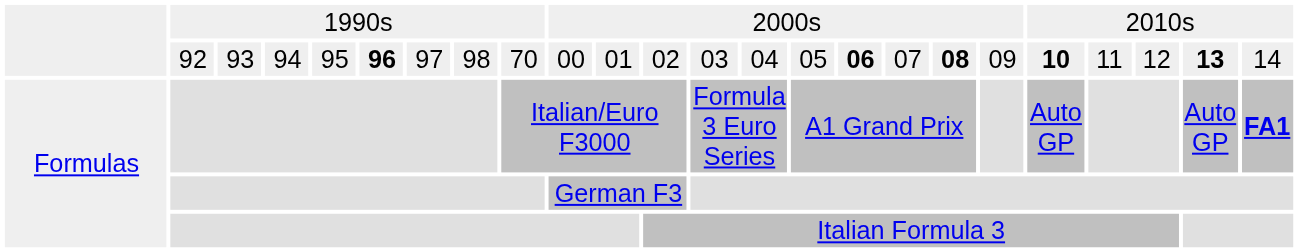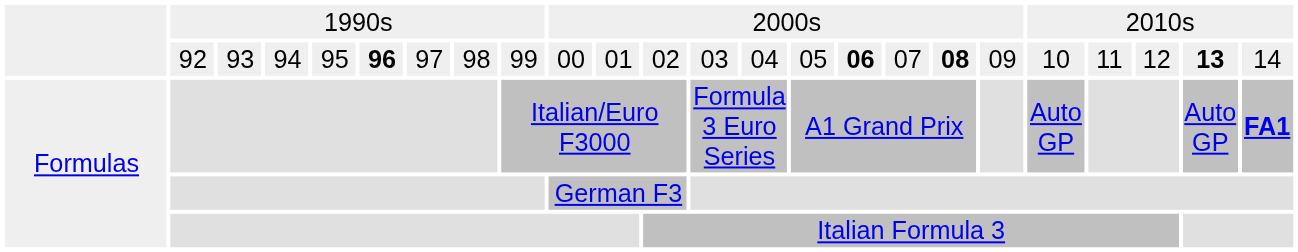 <table style="margin: 0.5em auto; clear: both; font-size:80%;" class="toccolours">
 <tr>
 <td align=center rowspan=2 width=80 style="background:#EFEFEF;"></td>
 <td align=center colspan=8 style="background:#EFEFEF;">1990s</td>
 <td align=center colspan=10 style="background:#EFEFEF;">2000s</td>
 <td align=center colspan=5 style="background:#EFEFEF;">2010s</td>
 </tr>
 <tr align=center style="background:#EFEFEF;">
 <td width=20>92</td>
 <td width=20>93</td>
 <td width=20>94</td>
 <td width=20>95</td>
 <td width=20><strong>96</strong></td>
 <td width=20>97</td>
 <td width=20>98</td>
-<td width=20>70</td>
+<td width=20>99</td>
 <td width=20>00</td>
 <td width=20>01</td>
 <td width=20>02</td>
 <td width=20>03</td>
 <td width=20>04</td>
 <td width=20>05</td>
 <td width=20><strong>06</strong></td>
 <td width=20>07</td>
 <td width=20><strong>08</strong></td>
 <td width=20>09</td>
-<td width=20><strong>10</strong></td>
+<td width=20>10</td>
 <td width=20>11</td>
 <td width=20>12</td>
 <td width=20><strong>13</strong></td>
 <td width=20>14</td>
 </tr>
 <tr align=center>
 <td style="background:#EFEFEF;" rowspan=3><a href='#'>Formulas</a></td>
 <td colspan= 7 style="background:#E0E0E0;"></td>
 <td colspan= 4 style="background:#C0C0C0;"><a href='#'>Italian/Euro F3000</a></td>
 <td colspan= 2 style="background:#C0C0C0;"><a href='#'>Formula 3 Euro Series</a></td>
 <td colspan= 4 style="background:#C0C0C0;"><a href='#'>A1 Grand Prix</a></td>
 <td style="background:#E0E0E0;"></td>
 <td style="background:#C0C0C0;"><a href='#'>Auto GP</a></td>
 <td colspan= 2 style="background:#E0E0E0;"></td>
 <td style="background:#C0C0C0;"><a href='#'>Auto GP</a></td>
 <td style="background:#C0C0C0;"><strong><a href='#'>FA1</a></strong></td>
 </tr>
 <tr align=center>
 <td colspan= 8 style="background:#E0E0E0;"></td>
 <td colspan= 3 style="background:#C0C0C0;"><a href='#'>German F3</a></td>
 <td colspan= 12 style="background:#E0E0E0;"></td>
 </tr>
 <tr align=center>
 <td colspan=10 style="background:#E0E0E0;"></td>
 <td colspan=11 style="background:#C0C0C0;"><a href='#'>Italian Formula 3</a></td>
 <td colspan=2 style="background:#E0E0E0;"></td>
 </tr>
 </table>
